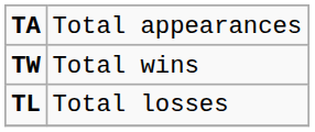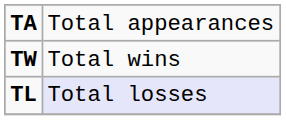 <table class="wikitable">
 <tr>
 <td><strong>TA</strong></td>
 <td>Total appearances</td>
 </tr>
 <tr>
 <td><strong>TW</strong></td>
 <td>Total wins</td>
 </tr>
 <tr>
 <td><strong>TL</strong></td>
-<td>Total losses</td>
+<td style="background: lavender;">Total losses</td>
 </tr>
 <tr>
 </tr>
 </table>
